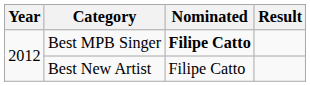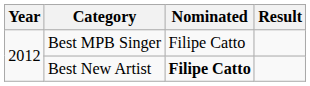 <table class="wikitable">
 <tr>
 <th>Year</th>
 <th>Category</th>
 <th>Nominated</th>
 <th>Result</th>
 </tr>
 <tr>
 <td rowspan="2">2012</td>
 <td>Best MPB Singer</td>
-<td><strong>Filipe Catto</strong></td>
+<td>Filipe Catto</td>
 <td></td>
 </tr>
 <tr>
 <td>Best New Artist</td>
-<td>Filipe Catto</td>
+<td><strong>Filipe Catto</strong></td>
 <td></td>
 </tr>
 </table>
